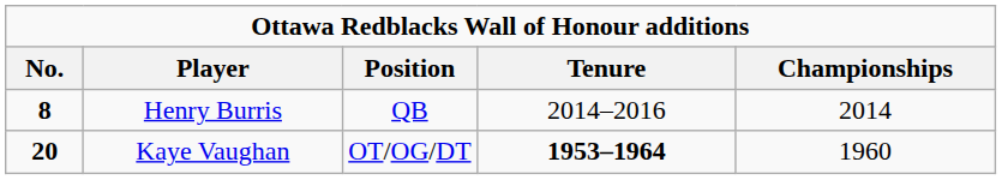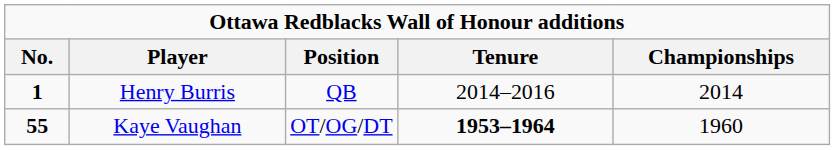 <table class="wikitable floatleft" style="text-align:center">
 <tr>
 <td colspan="5"><strong>Ottawa Redblacks Wall of Honour additions</strong></td>
 </tr>
 <tr>
 <th style="width:40px; ">No.</th>
 <th style="width:150px; ">Player</th>
 <th style="width:40px; ">Position</th>
 <th style="width:150px; ">Tenure</th>
 <th style="width:150px; ">Championships</th>
 </tr>
 <tr>
-<td><strong>8</strong></td>
+<td><strong>1</strong></td>
 <td><a href='#'>Henry Burris</a></td>
 <td><a href='#'>QB</a></td>
 <td>2014–2016</td>
 <td>2014</td>
 </tr>
 <tr>
-<td><strong>20</strong></td>
+<td><strong>55</strong></td>
 <td><a href='#'>Kaye Vaughan</a></td>
 <td><a href='#'>OT</a>/<a href='#'>OG</a>/<a href='#'>DT</a></td>
 <td><strong>1953–1964</strong></td>
 <td>1960</td>
 </tr>
 </table>
